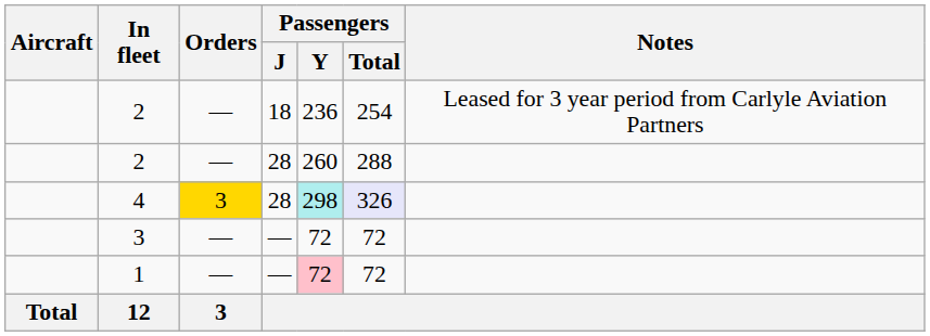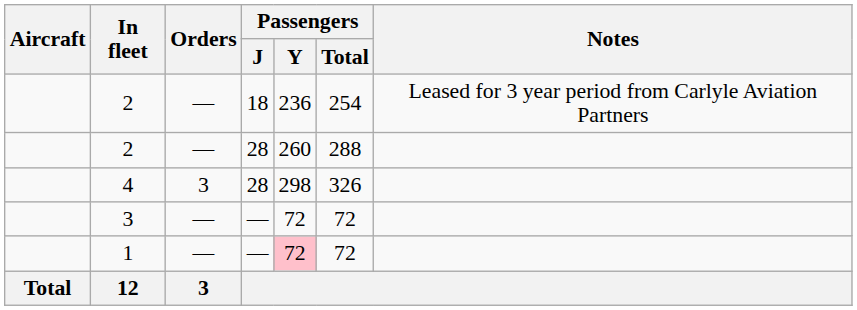 <table class="wikitable" style="border-collapse:collapse; text-align:center; margin:auto;">
 <tr>
 <th rowspan="2">Aircraft</th>
 <th rowspan="2">In fleet</th>
 <th rowspan="2">Orders</th>
 <th colspan="3">Passengers</th>
 <th rowspan="2">Notes</th>
 </tr>
 <tr>
 <th><abbr>J</abbr></th>
 <th><abbr>Y</abbr></th>
 <th>Total</th>
 </tr>
 <tr>
 <td></td>
 <td>2</td>
 <td>—</td>
 <td>18</td>
 <td>236</td>
 <td>254</td>
 <td>Leased for 3 year period from Carlyle Aviation Partners</td>
 </tr>
 <tr>
 <td></td>
 <td>2</td>
 <td>—</td>
 <td>28</td>
 <td>260</td>
 <td>288</td>
 <td></td>
 </tr>
 <tr>
 <td></td>
 <td>4</td>
-<td style="background: gold;">3</td>
+<td>3</td>
 <td>28</td>
-<td style="background: paleturquoise;">298</td>
-<td style="background: lavender;">326</td>
+<td>298</td>
+<td>326</td>
 <td></td>
 </tr>
 <tr>
 <td></td>
 <td>3</td>
 <td>—</td>
 <td>—</td>
 <td>72</td>
 <td>72</td>
 <td></td>
 </tr>
 <tr>
 <td></td>
 <td>1</td>
 <td>—</td>
 <td>—</td>
 <td style="background: pink;">72</td>
 <td>72</td>
 <td></td>
 </tr>
 <tr>
 <th>Total</th>
 <th>12</th>
 <th>3</th>
 <th colspan="5"></th>
 </tr>
 </table>
